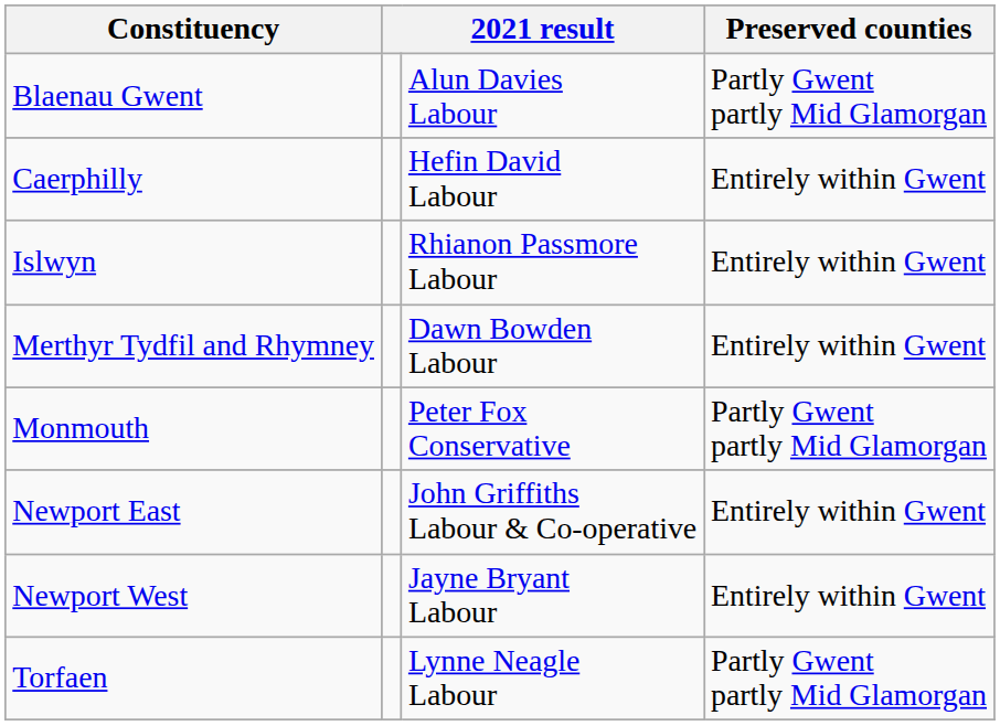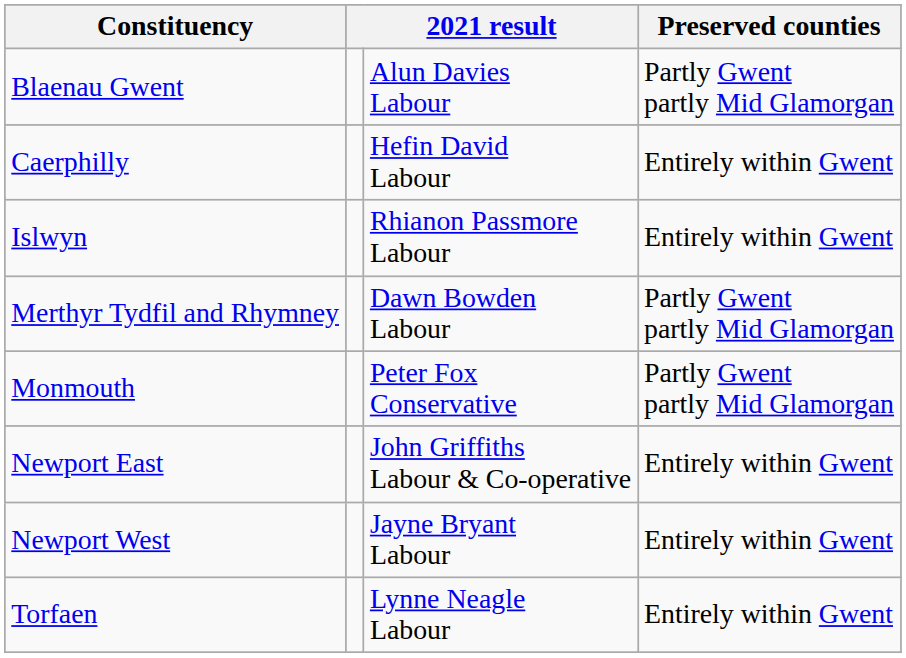 <table class="wikitable">
 <tr>
 <th>Constituency</th>
 <th colspan="2"><a href='#'>2021 result</a></th>
 <th>Preserved counties</th>
 </tr>
 <tr>
 <td><a href='#'>Blaenau Gwent</a></td>
 <td style="width: 3px" bgcolor=></td>
 <td><a href='#'>Alun Davies</a><br><a href='#'>Labour</a></td>
 <td>Partly <a href='#'>Gwent</a><br> partly <a href='#'>Mid Glamorgan</a></td>
 </tr>
 <tr>
 <td><a href='#'>Caerphilly</a></td>
 <td style="width: 3px" bgcolor=></td>
 <td><a href='#'>Hefin David</a><br>Labour</td>
 <td>Entirely within <a href='#'>Gwent</a></td>
 </tr>
 <tr>
 <td><a href='#'>Islwyn</a></td>
 <td style="width: 3px" bgcolor=></td>
 <td><a href='#'>Rhianon Passmore</a><br>Labour</td>
 <td>Entirely within <a href='#'>Gwent</a></td>
 </tr>
 <tr>
 <td><a href='#'>Merthyr Tydfil and Rhymney</a></td>
 <td style="width: 3px"></td>
 <td><a href='#'>Dawn Bowden</a><br>Labour</td>
-<td>Entirely within <a href='#'>Gwent</a></td>
+<td>Partly <a href='#'>Gwent</a><br> partly <a href='#'>Mid Glamorgan</a></td>
 </tr>
 <tr>
 <td><a href='#'>Monmouth</a></td>
 <td style="width: 3px"></td>
 <td><a href='#'>Peter Fox</a><br><a href='#'>Conservative</a></td>
 <td>Partly <a href='#'>Gwent</a><br> partly <a href='#'>Mid Glamorgan</a></td>
 </tr>
 <tr>
 <td><a href='#'>Newport East</a></td>
 <td style="width: 3px"></td>
 <td><a href='#'>John Griffiths</a><br>Labour & Co-operative</td>
 <td>Entirely within <a href='#'>Gwent</a></td>
 </tr>
 <tr>
 <td><a href='#'>Newport West</a></td>
 <td style="width: 3px" bgcolor=></td>
 <td><a href='#'>Jayne Bryant</a><br>Labour</td>
 <td>Entirely within <a href='#'>Gwent</a></td>
 </tr>
 <tr>
 <td><a href='#'>Torfaen</a></td>
 <td style="width: 3px" bgcolor=></td>
 <td><a href='#'>Lynne Neagle</a><br>Labour</td>
-<td>Partly <a href='#'>Gwent</a><br> partly <a href='#'>Mid Glamorgan</a></td>
+<td>Entirely within <a href='#'>Gwent</a></td>
 </tr>
 </table>
